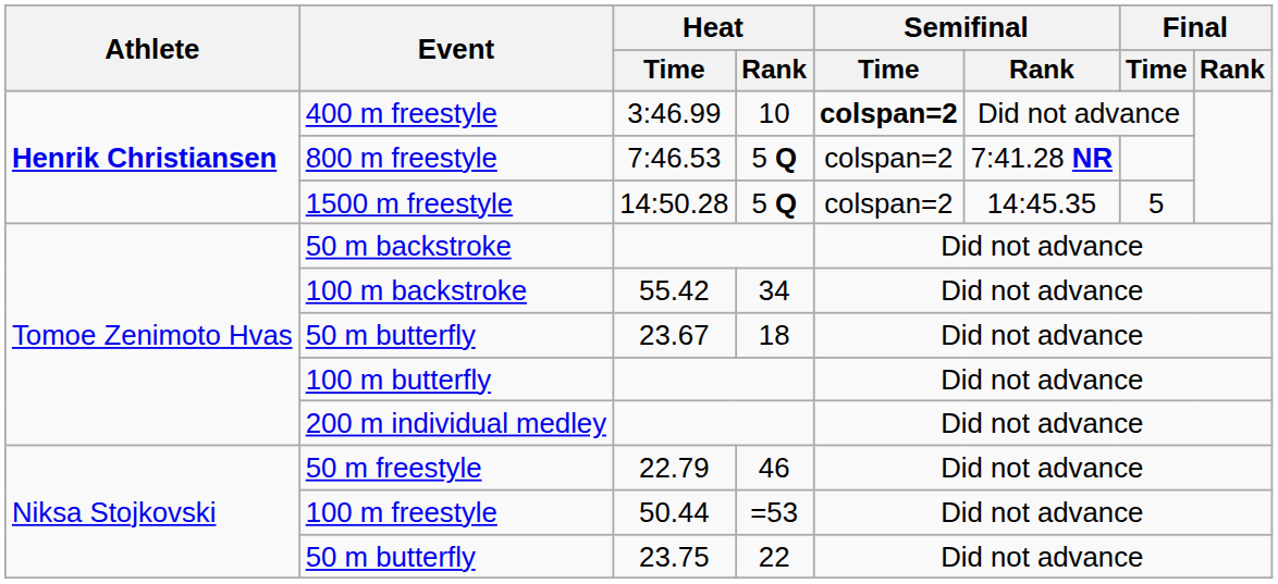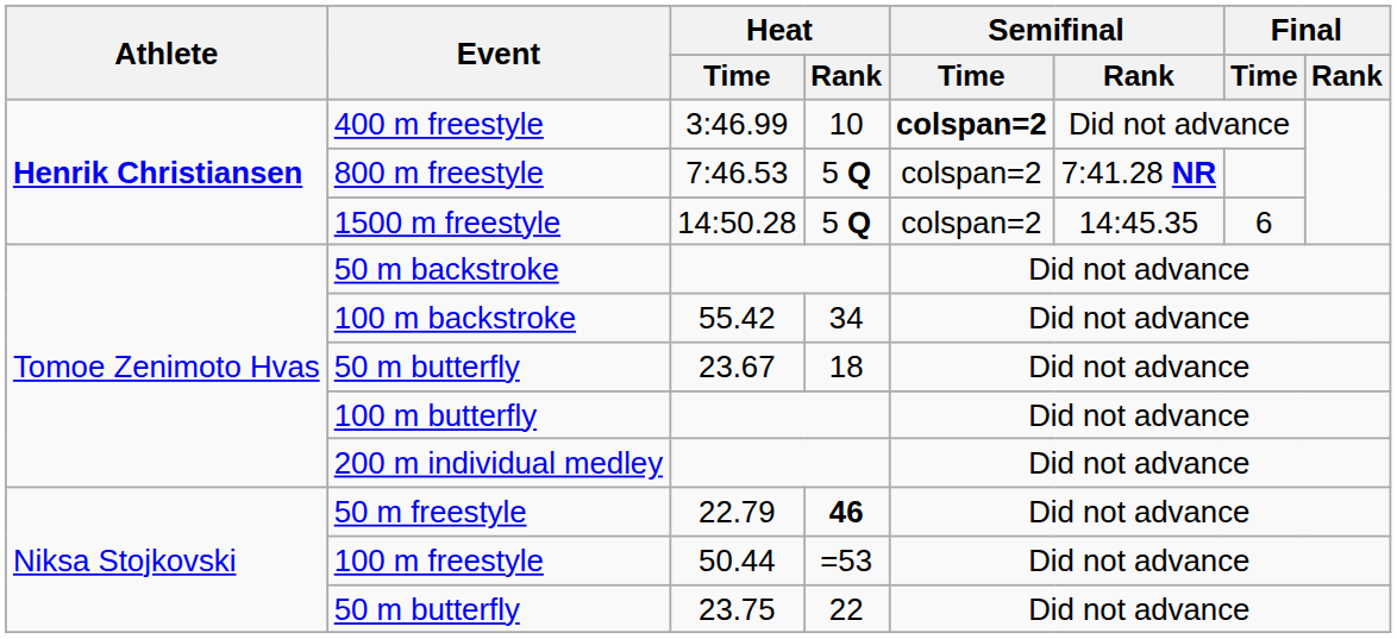 <table class="wikitable" style="text-align:center; font-size:90%">
 <tr>
 <th rowspan="2">Athlete</th>
 <th rowspan="2">Event</th>
 <th colspan="2">Heat</th>
 <th colspan="2">Semifinal</th>
 <th colspan="2">Final</th>
 </tr>
 <tr style="font-size:95%">
 <th>Time</th>
 <th>Rank</th>
 <th>Time</th>
 <th>Rank</th>
 <th>Time</th>
 <th>Rank</th>
 </tr>
 <tr>
 <td align=left rowspan=3><strong><a href='#'>Henrik Christiansen</a></strong></td>
 <td align=left><a href='#'>400 m freestyle</a></td>
 <td>3:46.99</td>
 <td>10</td>
 <td><strong>colspan=2 </strong></td>
 <td colspan=2>Did not advance</td>
 </tr>
 <tr>
 <td align=left><a href='#'>800 m freestyle</a></td>
 <td>7:46.53</td>
 <td>5 <strong>Q</strong></td>
 <td>colspan=2 </td>
 <td>7:41.28 <strong><a href='#'>NR</a></strong></td>
 <td></td>
 </tr>
 <tr>
 <td align=left><a href='#'>1500 m freestyle</a></td>
 <td>14:50.28</td>
 <td>5 <strong>Q</strong></td>
 <td>colspan=2 </td>
 <td>14:45.35</td>
-<td>5</td>
+<td>6</td>
 </tr>
 <tr>
 <td align=left rowspan=5><a href='#'>Tomoe Zenimoto Hvas</a></td>
 <td align=left><a href='#'>50 m backstroke</a></td>
 <td colspan=2></td>
 <td colspan=4>Did not advance</td>
 </tr>
 <tr>
 <td align=left><a href='#'>100 m backstroke</a></td>
 <td>55.42</td>
 <td>34</td>
 <td colspan=4>Did not advance</td>
 </tr>
 <tr>
 <td align=left><a href='#'>50 m butterfly</a></td>
 <td>23.67</td>
 <td>18</td>
 <td colspan=4>Did not advance</td>
 </tr>
 <tr>
 <td align=left><a href='#'>100 m butterfly</a></td>
 <td colspan=2></td>
 <td colspan=4>Did not advance</td>
 </tr>
 <tr>
 <td align=left><a href='#'>200 m individual medley</a></td>
 <td colspan=2></td>
 <td colspan=4>Did not advance</td>
 </tr>
 <tr>
 <td align=left rowspan=3><a href='#'>Niksa Stojkovski</a></td>
 <td align=left><a href='#'>50 m freestyle</a></td>
 <td>22.79</td>
-<td>46</td>
+<td><strong>46</strong></td>
 <td colspan=4>Did not advance</td>
 </tr>
 <tr>
 <td align=left><a href='#'>100 m freestyle</a></td>
 <td>50.44</td>
 <td>=53</td>
 <td colspan=4>Did not advance</td>
 </tr>
 <tr>
 <td align=left><a href='#'>50 m butterfly</a></td>
 <td>23.75</td>
 <td>22</td>
 <td colspan=4>Did not advance</td>
 </tr>
 </table>
